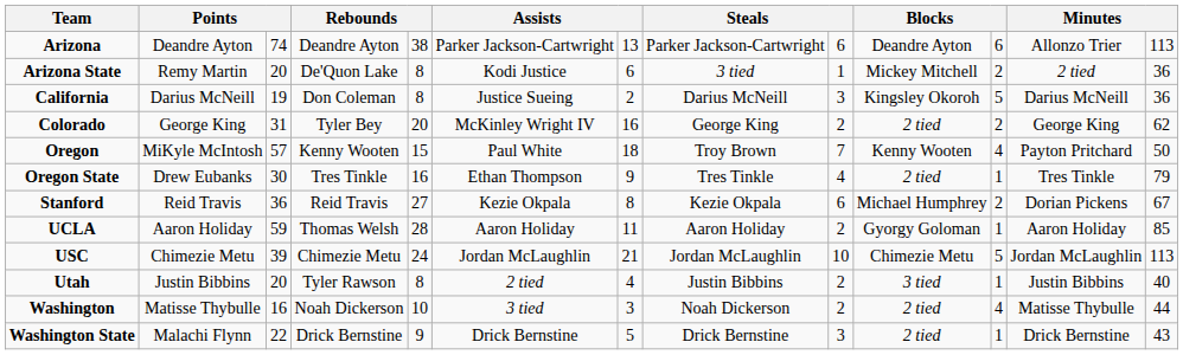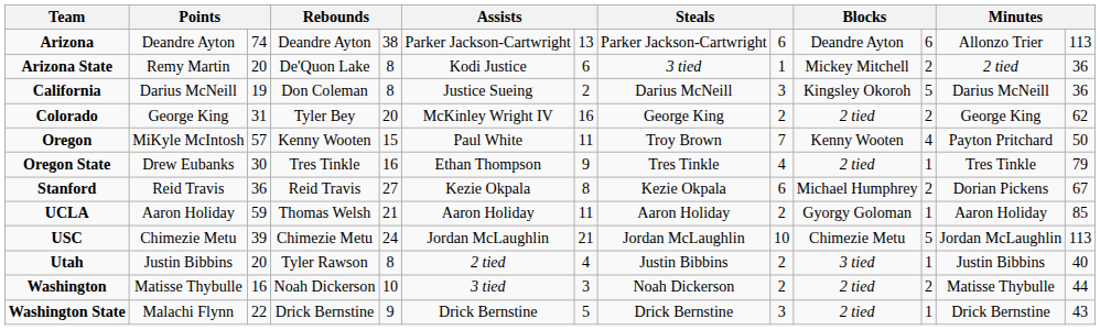 <table class="wikitable" style="text-align:center">
 <tr>
 <th>Team</th>
 <th colspan=2>Points</th>
 <th colspan=2>Rebounds</th>
 <th colspan=2>Assists</th>
 <th colspan=2>Steals</th>
 <th colspan=2>Blocks</th>
 <th colspan=2>Minutes</th>
 </tr>
 <tr>
 <td><strong>Arizona</strong></td>
 <td>Deandre Ayton</td>
 <td>74</td>
 <td>Deandre Ayton</td>
 <td>38</td>
 <td>Parker Jackson-Cartwright</td>
 <td>13</td>
 <td>Parker Jackson-Cartwright</td>
 <td>6</td>
 <td>Deandre Ayton</td>
 <td>6</td>
 <td>Allonzo Trier</td>
 <td>113</td>
 </tr>
 <tr>
 <td><strong>Arizona State</strong></td>
 <td>Remy Martin</td>
 <td>20</td>
 <td>De'Quon Lake</td>
 <td>8</td>
 <td>Kodi Justice</td>
 <td>6</td>
 <td><em>3 tied</em></td>
 <td>1</td>
 <td>Mickey Mitchell</td>
 <td>2</td>
 <td><em>2 tied</em></td>
 <td>36</td>
 </tr>
 <tr>
 <td><strong>California</strong></td>
 <td>Darius McNeill</td>
 <td>19</td>
 <td>Don Coleman</td>
 <td>8</td>
 <td>Justice Sueing</td>
 <td>2</td>
 <td>Darius McNeill</td>
 <td>3</td>
 <td>Kingsley Okoroh</td>
 <td>5</td>
 <td>Darius McNeill</td>
 <td>36</td>
 </tr>
 <tr>
 <td><strong>Colorado</strong></td>
 <td>George King</td>
 <td>31</td>
 <td>Tyler Bey</td>
 <td>20</td>
 <td>McKinley Wright IV</td>
 <td>16</td>
 <td>George King</td>
 <td>2</td>
 <td><em>2 tied</em></td>
 <td>2</td>
 <td>George King</td>
 <td>62</td>
 </tr>
 <tr>
 <td><strong>Oregon</strong></td>
 <td>MiKyle McIntosh</td>
 <td>57</td>
 <td>Kenny Wooten</td>
 <td>15</td>
 <td>Paul White</td>
-<td>18</td>
+<td>11</td>
 <td>Troy Brown</td>
 <td>7</td>
 <td>Kenny Wooten</td>
 <td>4</td>
 <td>Payton Pritchard</td>
 <td>50</td>
 </tr>
 <tr>
 <td><strong>Oregon State</strong></td>
 <td>Drew Eubanks</td>
 <td>30</td>
 <td>Tres Tinkle</td>
 <td>16</td>
 <td>Ethan Thompson</td>
 <td>9</td>
 <td>Tres Tinkle</td>
 <td>4</td>
 <td><em>2 tied</em></td>
 <td>1</td>
 <td>Tres Tinkle</td>
 <td>79</td>
 </tr>
 <tr>
 <td><strong>Stanford</strong></td>
 <td>Reid Travis</td>
 <td>36</td>
 <td>Reid Travis</td>
 <td>27</td>
 <td>Kezie Okpala</td>
 <td>8</td>
 <td>Kezie Okpala</td>
 <td>6</td>
 <td>Michael Humphrey</td>
 <td>2</td>
 <td>Dorian Pickens</td>
 <td>67</td>
 </tr>
 <tr>
 <td><strong>UCLA</strong></td>
 <td>Aaron Holiday</td>
 <td>59</td>
 <td>Thomas Welsh</td>
-<td>28</td>
+<td>21</td>
 <td>Aaron Holiday</td>
 <td>11</td>
 <td>Aaron Holiday</td>
 <td>2</td>
 <td>Gyorgy Goloman</td>
 <td>1</td>
 <td>Aaron Holiday</td>
 <td>85</td>
 </tr>
 <tr>
 <td><strong>USC</strong></td>
 <td>Chimezie Metu</td>
 <td>39</td>
 <td>Chimezie Metu</td>
 <td>24</td>
 <td>Jordan McLaughlin</td>
 <td>21</td>
 <td>Jordan McLaughlin</td>
 <td>10</td>
 <td>Chimezie Metu</td>
 <td>5</td>
 <td>Jordan McLaughlin</td>
 <td>113</td>
 </tr>
 <tr>
 <td><strong>Utah</strong></td>
 <td>Justin Bibbins</td>
 <td>20</td>
 <td>Tyler Rawson</td>
 <td>8</td>
 <td><em>2 tied</em></td>
 <td>4</td>
 <td>Justin Bibbins</td>
 <td>2</td>
 <td><em>3 tied</em></td>
 <td>1</td>
 <td>Justin Bibbins</td>
 <td>40</td>
 </tr>
 <tr>
 <td><strong>Washington</strong></td>
 <td>Matisse Thybulle</td>
 <td>16</td>
 <td>Noah Dickerson</td>
 <td>10</td>
 <td><em>3 tied</em></td>
 <td>3</td>
 <td>Noah Dickerson</td>
 <td>2</td>
 <td><em>2 tied</em></td>
-<td>4</td>
+<td>2</td>
 <td>Matisse Thybulle</td>
 <td>44</td>
 </tr>
 <tr>
 <td><strong>Washington State</strong></td>
 <td>Malachi Flynn</td>
 <td>22</td>
 <td>Drick Bernstine</td>
 <td>9</td>
 <td>Drick Bernstine</td>
 <td>5</td>
 <td>Drick Bernstine</td>
 <td>3</td>
 <td><em>2 tied</em></td>
 <td>1</td>
 <td>Drick Bernstine</td>
 <td>43</td>
 </tr>
 </table>
